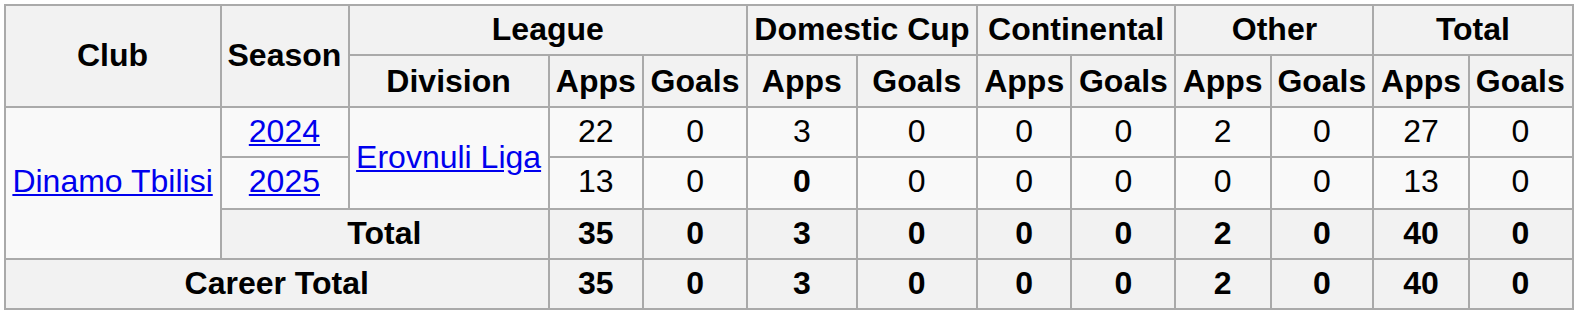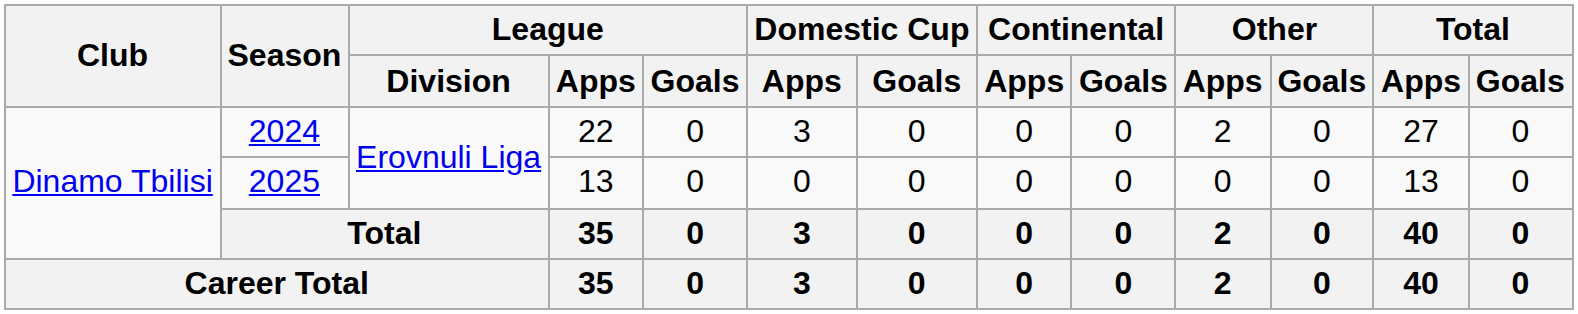 <table class=wikitable style=text-align:center>
 <tr>
 <th rowspan=2>Club</th>
 <th rowspan=2>Season</th>
 <th colspan=3>League</th>
 <th colspan=2>Domestic Cup</th>
 <th colspan=2>Continental</th>
 <th colspan=2>Other</th>
 <th colspan=2>Total</th>
 </tr>
 <tr>
 <th>Division</th>
 <th>Apps</th>
 <th>Goals</th>
 <th>Apps</th>
 <th>Goals</th>
 <th>Apps</th>
 <th>Goals</th>
 <th>Apps</th>
 <th>Goals</th>
 <th>Apps</th>
 <th>Goals</th>
 </tr>
 <tr>
 <td rowspan=3><a href='#'>Dinamo Tbilisi</a></td>
 <td><a href='#'>2024</a></td>
 <td rowspan=2><a href='#'>Erovnuli Liga</a></td>
 <td>22</td>
 <td>0</td>
 <td>3</td>
 <td>0</td>
 <td>0</td>
 <td>0</td>
 <td>2</td>
 <td>0</td>
 <td>27</td>
 <td>0</td>
 </tr>
 <tr>
 <td><a href='#'>2025</a></td>
 <td>13</td>
 <td>0</td>
-<td><strong>0</strong></td>
+<td>0</td>
 <td>0</td>
 <td>0</td>
 <td>0</td>
 <td>0</td>
 <td>0</td>
 <td>13</td>
 <td>0</td>
 </tr>
 <tr>
 <th colspan="2">Total</th>
 <th>35</th>
 <th>0</th>
 <th>3</th>
 <th>0</th>
 <th>0</th>
 <th>0</th>
 <th>2</th>
 <th>0</th>
 <th>40</th>
 <th>0</th>
 </tr>
 <tr>
 <th colspan="3">Career Total</th>
 <th>35</th>
 <th>0</th>
 <th>3</th>
 <th>0</th>
 <th>0</th>
 <th>0</th>
 <th>2</th>
 <th>0</th>
 <th>40</th>
 <th>0</th>
 </tr>
 </table>
